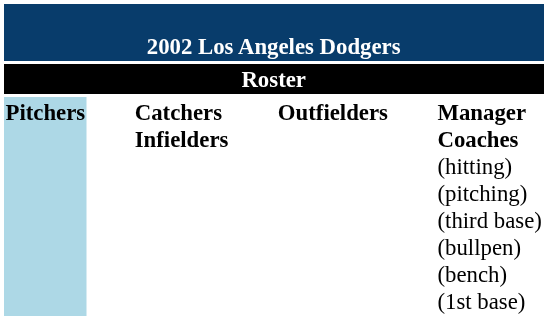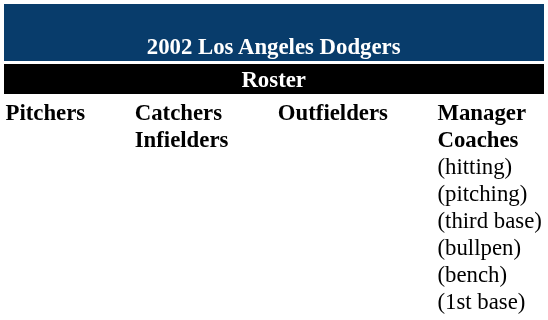 <table class="toccolours" style="font-size: 95%;">
 <tr>
 <th colspan="10" style="background-color: #083c6b; color: #FFFFFF; text-align: center;"><br>2002 Los Angeles Dodgers</th>
 </tr>
 <tr>
 <td colspan="10" style="background-color: black; color: #FFFFFF; text-align: center;"><strong>Roster</strong></td>
 </tr>
 <tr>
-<td valign="top" style="background: lightblue;"><strong>Pitchers</strong><br>                   </td>
+<td valign="top"><strong>Pitchers</strong><br>                   </td>
 <td width="25px"></td>
 <td valign="top"><strong>Catchers</strong><br>   <strong>Infielders</strong>         </td>
 <td width="25px"></td>
 <td valign="top"><strong>Outfielders</strong><br>         </td>
 <td width="25px"></td>
 <td valign="top"><strong>Manager</strong><br> <strong>Coaches</strong>  <br>(hitting) <br> (pitching)  <br> (third base)  <br>(bullpen)   <br>(bench)  <br>(1st base)</td>
 </tr>
 </table>
